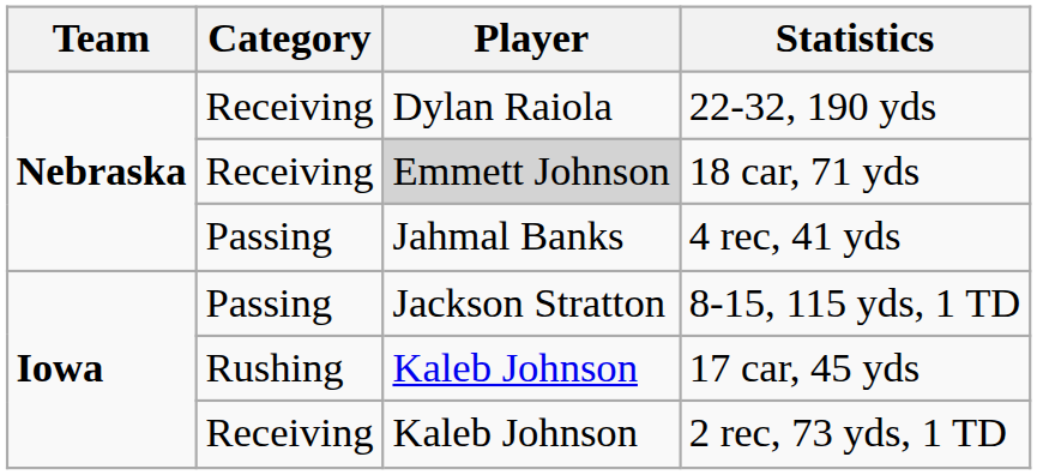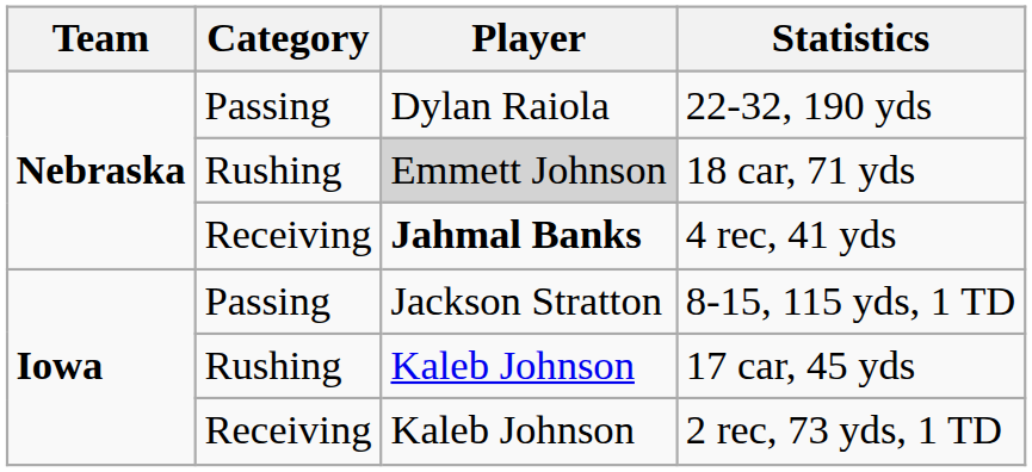 <table class="wikitable" style="float: right;">
 <tr>
 <th>Team</th>
 <th>Category</th>
 <th>Player</th>
 <th>Statistics</th>
 </tr>
 <tr>
 <td rowspan=3><strong>Nebraska</strong></td>
-<td>Receiving</td>
+<td>Passing</td>
 <td>Dylan Raiola</td>
 <td>22-32, 190 yds</td>
 </tr>
 <tr>
-<td>Receiving</td>
+<td>Rushing</td>
 <td style="background: lightgrey;">Emmett Johnson</td>
 <td>18 car, 71 yds</td>
 </tr>
 <tr>
-<td>Passing</td>
-<td>Jahmal Banks</td>
+<td>Receiving</td>
+<td><strong>Jahmal Banks</strong></td>
 <td>4 rec, 41 yds</td>
 </tr>
 <tr>
 <td rowspan=3><strong>Iowa</strong></td>
 <td>Passing</td>
 <td>Jackson Stratton</td>
 <td>8-15, 115 yds, 1 TD</td>
 </tr>
 <tr>
 <td>Rushing</td>
 <td><a href='#'>Kaleb Johnson</a></td>
 <td>17 car, 45 yds</td>
 </tr>
 <tr>
 <td>Receiving</td>
 <td>Kaleb Johnson</td>
 <td>2 rec, 73 yds, 1 TD</td>
 </tr>
 </table>
